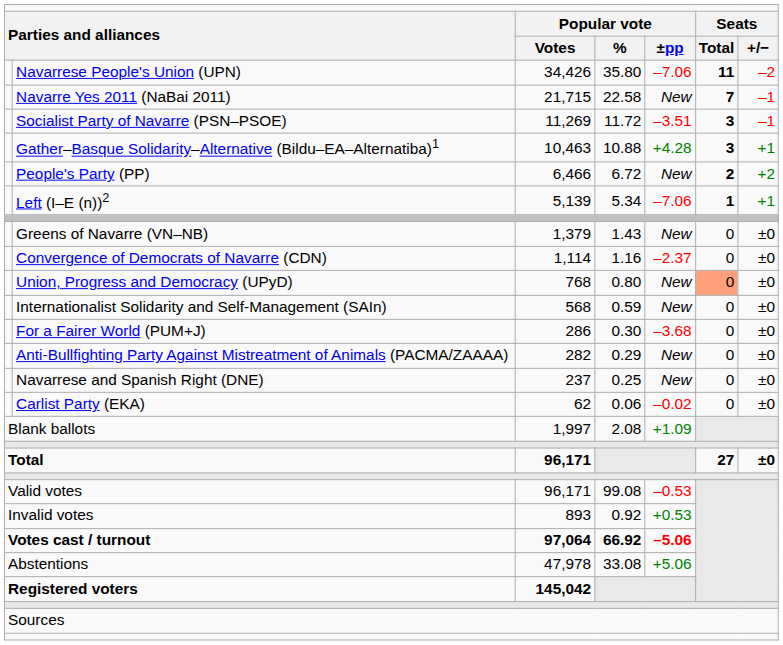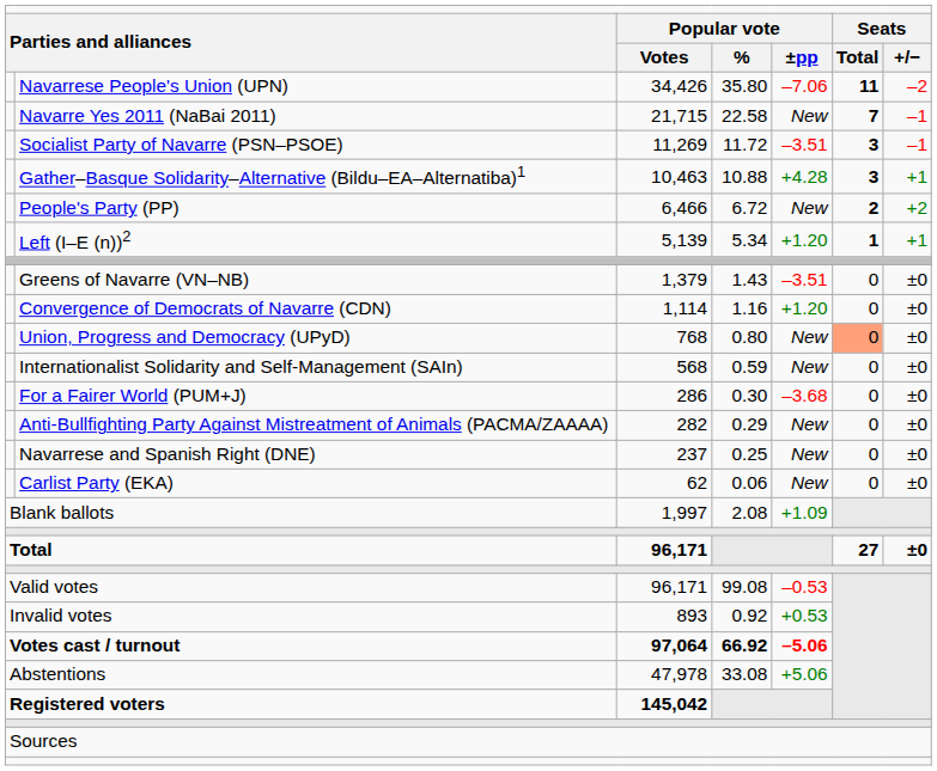 <table class="wikitable" style="text-align:right;">
 <tr>
 <td colspan="7"></td>
 </tr>
 <tr>
 <th style="text-align:left;" rowspan="2" colspan="2" width="525">Parties and alliances</th>
 <th colspan="3">Popular vote</th>
 <th colspan="2">Seats</th>
 </tr>
 <tr>
 <th width="75">Votes</th>
 <th width="45">%</th>
 <th width="45">±<a href='#'>pp</a></th>
 <th width="35">Total</th>
 <th width="35">+/−</th>
 </tr>
 <tr>
 <td width="1" style="color:inherit;background:"></td>
 <td align="left"><a href='#'>Navarrese People's Union</a> (UPN)</td>
 <td>34,426</td>
 <td>35.80</td>
 <td style="color:red;">–7.06</td>
 <td><strong>11</strong></td>
 <td style="color:red;">–2</td>
 </tr>
 <tr>
 <td style="color:inherit;background:"></td>
 <td align="left"><a href='#'>Navarre Yes 2011</a> (NaBai 2011)</td>
 <td>21,715</td>
 <td>22.58</td>
 <td><em>New</em></td>
 <td><strong>7</strong></td>
 <td style="color:red;">–1</td>
 </tr>
 <tr>
 <td style="color:inherit;background:"></td>
 <td align="left"><a href='#'>Socialist Party of Navarre</a> (PSN–PSOE)</td>
 <td>11,269</td>
 <td>11.72</td>
 <td style="color:red;">–3.51</td>
 <td><strong>3</strong></td>
 <td style="color:red;">–1</td>
 </tr>
 <tr>
 <td style="color:inherit;background:"></td>
 <td align="left"><a href='#'>Gather</a>–<a href='#'>Basque Solidarity</a>–<a href='#'>Alternative</a> (Bildu–EA–Alternatiba)<sup>1</sup></td>
 <td>10,463</td>
 <td>10.88</td>
 <td style="color:green;">+4.28</td>
 <td><strong>3</strong></td>
 <td style="color:green;">+1</td>
 </tr>
 <tr>
 <td style="color:inherit;background:"></td>
 <td align="left"><a href='#'>People's Party</a> (PP)</td>
 <td>6,466</td>
 <td>6.72</td>
 <td><em>New</em></td>
 <td><strong>2</strong></td>
 <td style="color:green;">+2</td>
 </tr>
 <tr>
 <td style="color:inherit;background:"></td>
 <td align="left"><a href='#'>Left</a> (I–E (n))<sup>2</sup></td>
 <td>5,139</td>
 <td>5.34</td>
-<td style="color:red;">–7.06</td>
+<td style="color:green;">+1.20</td>
 <td><strong>1</strong></td>
 <td style="color:green;">+1</td>
 </tr>
 <tr>
 <td colspan="7" bgcolor="#C0C0C0"></td>
 </tr>
 <tr>
 <td style="color:inherit;background:"></td>
 <td align="left">Greens of Navarre (VN–NB)</td>
 <td>1,379</td>
 <td>1.43</td>
-<td><em>New</em></td>
+<td style="color:red;">–3.51</td>
 <td>0</td>
 <td>±0</td>
 </tr>
 <tr>
 <td style="color:inherit;background:"></td>
 <td align="left"><a href='#'>Convergence of Democrats of Navarre</a> (CDN)</td>
 <td>1,114</td>
 <td>1.16</td>
-<td style="color:red;">–2.37</td>
+<td style="color:green;">+1.20</td>
 <td>0</td>
 <td>±0</td>
 </tr>
 <tr>
 <td style="color:inherit;background:"></td>
 <td align="left"><a href='#'>Union, Progress and Democracy</a> (UPyD)</td>
 <td>768</td>
 <td>0.80</td>
 <td><em>New</em></td>
 <td style="background: lightsalmon;">0</td>
 <td>±0</td>
 </tr>
 <tr>
 <td style="color:inherit;background:"></td>
 <td align="left">Internationalist Solidarity and Self-Management (SAIn)</td>
 <td>568</td>
 <td>0.59</td>
 <td><em>New</em></td>
 <td>0</td>
 <td>±0</td>
 </tr>
 <tr>
 <td style="color:inherit;background:"></td>
 <td align="left"><a href='#'>For a Fairer World</a> (PUM+J)</td>
 <td>286</td>
 <td>0.30</td>
 <td style="color:red;">–3.68</td>
 <td>0</td>
 <td>±0</td>
 </tr>
 <tr>
 <td style="color:inherit;background:"></td>
 <td align="left"><a href='#'>Anti-Bullfighting Party Against Mistreatment of Animals</a> (PACMA/ZAAAA)</td>
 <td>282</td>
 <td>0.29</td>
 <td><em>New</em></td>
 <td>0</td>
 <td>±0</td>
 </tr>
 <tr>
 <td style="color:inherit;background:"></td>
 <td align="left">Navarrese and Spanish Right (DNE)</td>
 <td>237</td>
 <td>0.25</td>
 <td><em>New</em></td>
 <td>0</td>
 <td>±0</td>
 </tr>
 <tr>
 <td style="color:inherit;background:"></td>
 <td align="left"><a href='#'>Carlist Party</a> (EKA)</td>
 <td>62</td>
 <td>0.06</td>
-<td style="color:red;">–0.02</td>
+<td><em>New</em></td>
 <td>0</td>
 <td>±0</td>
 </tr>
 <tr>
 <td align="left" colspan="2">Blank ballots</td>
 <td>1,997</td>
 <td>2.08</td>
 <td style="color:green;">+1.09</td>
 <td bgcolor="#E9E9E9" colspan="2"></td>
 </tr>
 <tr>
 <td colspan="7" bgcolor="#E9E9E9"></td>
 </tr>
 <tr style="font-weight:bold;">
 <td align="left" colspan="2">Total</td>
 <td>96,171</td>
 <td bgcolor="#E9E9E9" colspan="2"></td>
 <td>27</td>
 <td>±0</td>
 </tr>
 <tr>
 <td colspan="7" bgcolor="#E9E9E9"></td>
 </tr>
 <tr>
 <td align="left" colspan="2">Valid votes</td>
 <td>96,171</td>
 <td>99.08</td>
 <td style="color:red;">–0.53</td>
 <td bgcolor="#E9E9E9" colspan="2" rowspan="5"></td>
 </tr>
 <tr>
 <td align="left" colspan="2">Invalid votes</td>
 <td>893</td>
 <td>0.92</td>
 <td style="color:green;">+0.53</td>
 </tr>
 <tr style="font-weight:bold;">
 <td align="left" colspan="2">Votes cast / turnout</td>
 <td>97,064</td>
 <td>66.92</td>
 <td style="color:red;">–5.06</td>
 </tr>
 <tr>
 <td align="left" colspan="2">Abstentions</td>
 <td>47,978</td>
 <td>33.08</td>
 <td style="color:green;">+5.06</td>
 </tr>
 <tr style="font-weight:bold;">
 <td align="left" colspan="2">Registered voters</td>
 <td>145,042</td>
 <td bgcolor="#E9E9E9" colspan="2"></td>
 </tr>
 <tr>
 <td colspan="7" bgcolor="#E9E9E9"></td>
 </tr>
 <tr>
 <td align="left" colspan="7">Sources</td>
 </tr>
 <tr>
 <td colspan="7" style="text-align:left; max-width:790px;"></td>
 </tr>
 </table>
